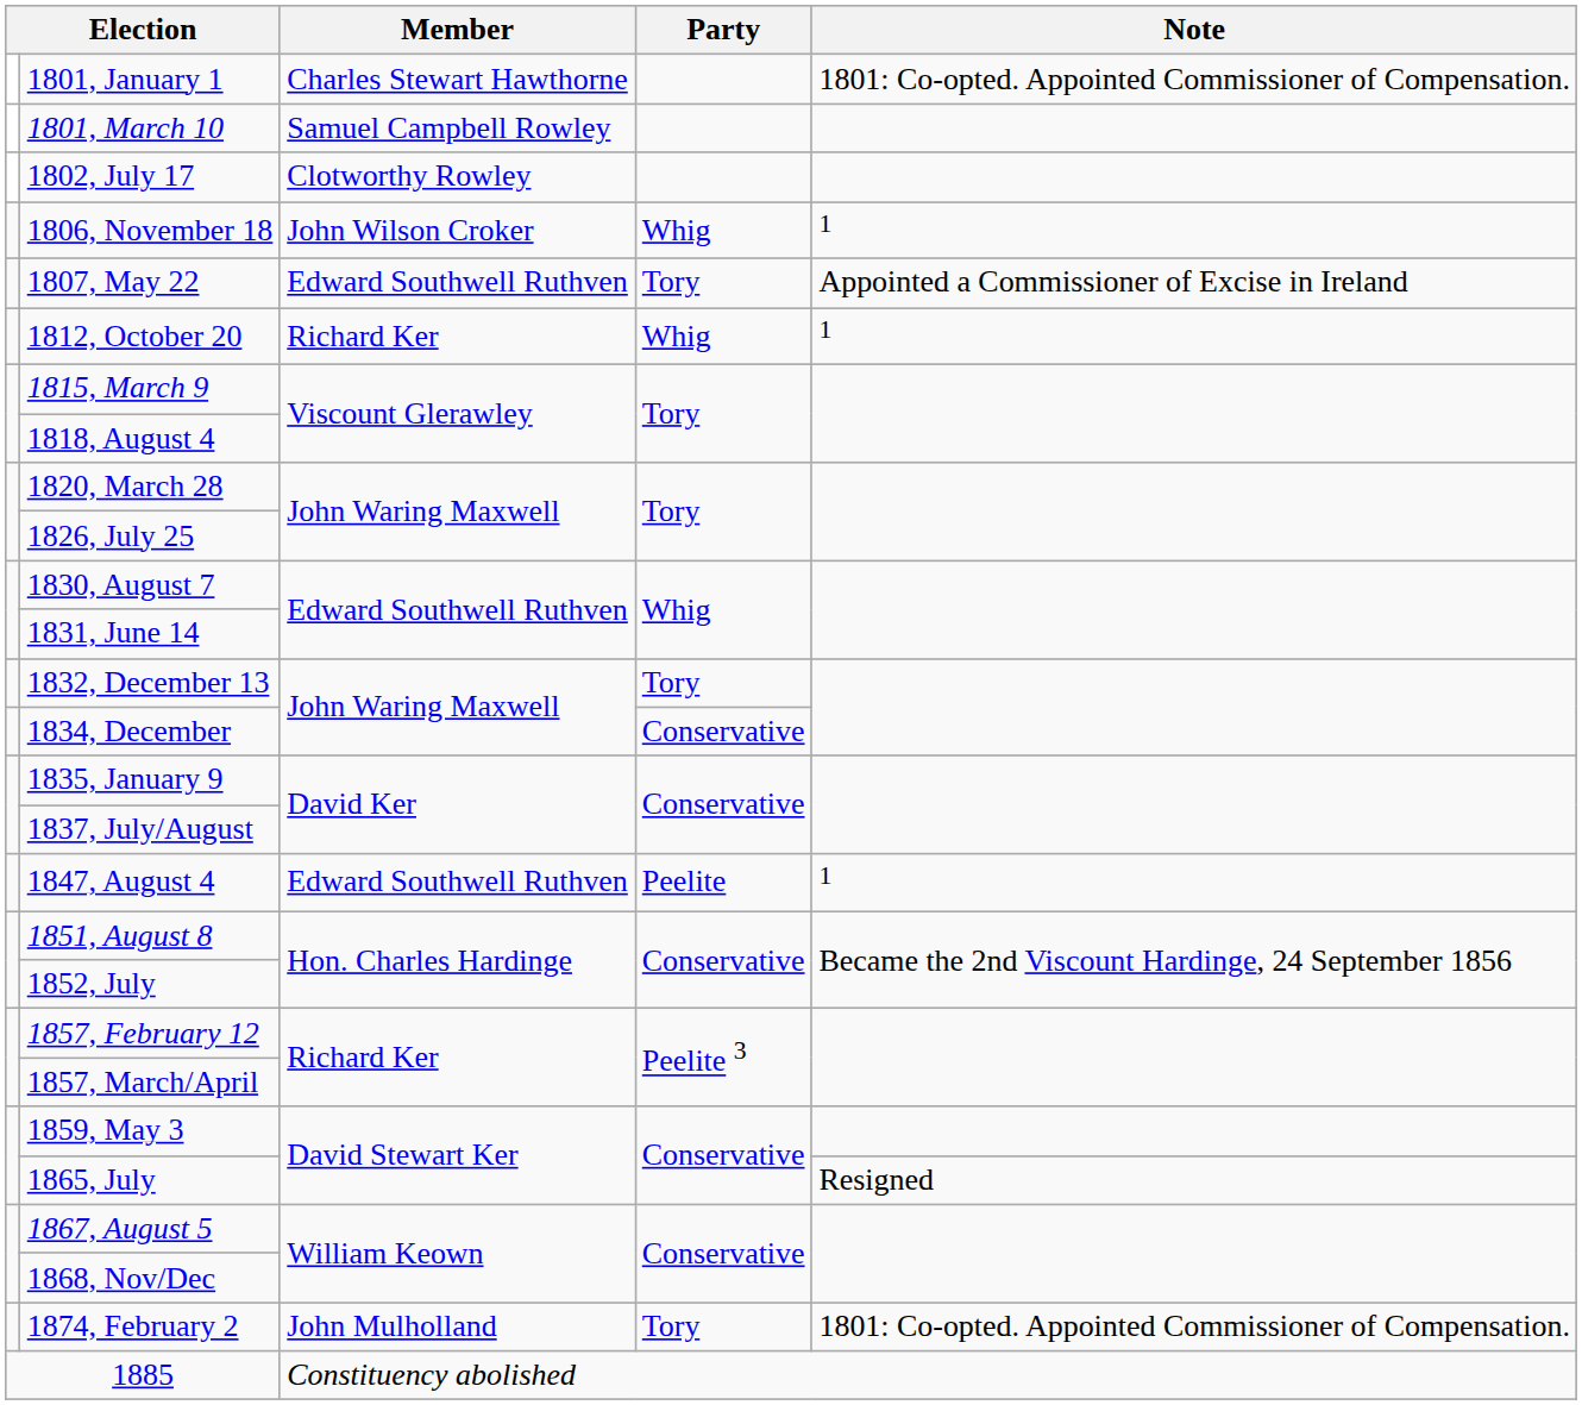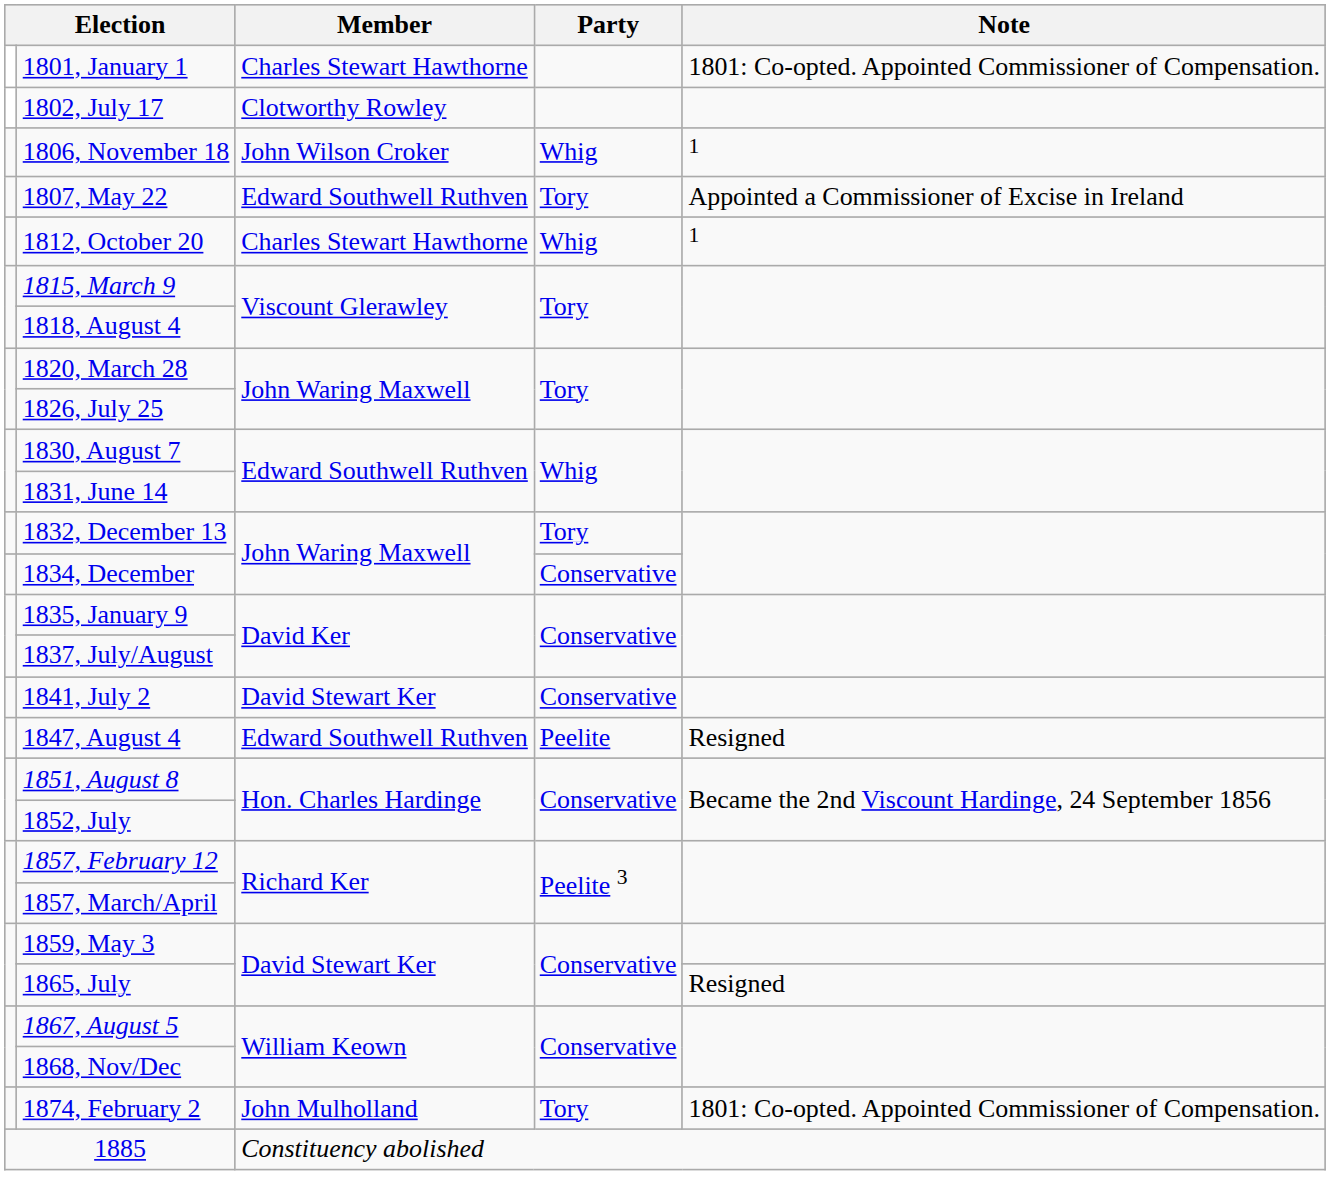 <table class="wikitable">
 <tr>
 <th colspan="2">Election</th>
 <th>Member</th>
 <th>Party</th>
 <th>Note</th>
 </tr>
 <tr>
 <td style="color:inherit;background-color: white"></td>
 <td><a href='#'>1801, January 1</a></td>
 <td><a href='#'>Charles Stewart Hawthorne</a></td>
 <td></td>
 <td>1801: Co-opted. Appointed Commissioner of Compensation.</td>
-</tr>
-<tr>
-<td style="color:inherit;background-color: white"></td>
-<td><em><a href='#'>1801, March 10</a></em></td>
-<td><a href='#'>Samuel Campbell Rowley</a></td>
-<td></td>
-<td></td>
 </tr>
 <tr>
 <td style="color:inherit;background-color: white"></td>
 <td><a href='#'>1802, July 17</a></td>
 <td><a href='#'>Clotworthy Rowley</a></td>
 <td></td>
 <td></td>
 </tr>
 <tr>
 <td style="color:inherit;background-color: "></td>
 <td><a href='#'>1806, November 18</a></td>
 <td><a href='#'>John Wilson Croker</a></td>
 <td><a href='#'>Whig</a></td>
 <td><sup>1</sup></td>
 </tr>
 <tr>
 <td style="color:inherit;background-color: "></td>
 <td><a href='#'>1807, May 22</a></td>
 <td><a href='#'>Edward Southwell Ruthven</a></td>
 <td><a href='#'>Tory</a></td>
 <td>Appointed a Commissioner of Excise in Ireland</td>
 </tr>
 <tr>
 <td style="color:inherit;background-color: "></td>
 <td><a href='#'>1812, October 20</a></td>
-<td><a href='#'>Richard Ker</a></td>
+<td><a href='#'>Charles Stewart Hawthorne</a></td>
 <td><a href='#'>Whig</a></td>
 <td><sup>1</sup></td>
 </tr>
 <tr>
 <td rowspan="2" style="color:inherit;background-color: "></td>
 <td><em><a href='#'>1815, March 9</a></em></td>
 <td rowspan="2"><a href='#'>Viscount Glerawley</a></td>
 <td rowspan="2"><a href='#'>Tory</a></td>
 <td rowspan="2"></td>
 </tr>
 <tr>
 <td><a href='#'>1818, August 4</a></td>
 </tr>
 <tr>
 <td rowspan="2" style="color:inherit;background-color: "></td>
 <td><a href='#'>1820, March 28</a></td>
 <td rowspan="2"><a href='#'>John Waring Maxwell</a></td>
 <td rowspan="2"><a href='#'>Tory</a></td>
 <td rowspan="2"></td>
 </tr>
 <tr>
 <td><a href='#'>1826, July 25</a></td>
 </tr>
 <tr>
 <td rowspan="2" style="color:inherit;background-color: "></td>
 <td><a href='#'>1830, August 7</a></td>
 <td rowspan="2"><a href='#'>Edward Southwell Ruthven</a></td>
 <td rowspan="2"><a href='#'>Whig</a></td>
 <td rowspan="2"></td>
 </tr>
 <tr>
 <td><a href='#'>1831, June 14</a></td>
 </tr>
 <tr>
 <td style="color:inherit;background-color: "></td>
 <td><a href='#'>1832, December 13</a></td>
 <td rowspan="2"><a href='#'>John Waring Maxwell</a></td>
 <td><a href='#'>Tory</a></td>
 <td rowspan="2"></td>
 </tr>
 <tr>
 <td style="color:inherit;background-color: "></td>
 <td><a href='#'>1834, December</a></td>
 <td><a href='#'>Conservative</a></td>
 </tr>
 <tr>
 <td rowspan="2" style="color:inherit;background-color: "></td>
 <td><a href='#'>1835, January 9</a></td>
 <td rowspan="2"><a href='#'>David Ker</a></td>
 <td rowspan="2"><a href='#'>Conservative</a></td>
 <td rowspan="2"></td>
 </tr>
 <tr>
 <td><a href='#'>1837, July/August</a></td>
 </tr>
 <tr>
 <td style="color:inherit;background-color: "></td>
+<td><a href='#'>1841, July 2</a></td>
+<td><a href='#'>David Stewart Ker</a></td>
+<td><a href='#'>Conservative</a></td>
+<td></td>
+</tr>
+<tr>
+<td style="color:inherit;background-color: "></td>
 <td><a href='#'>1847, August 4</a></td>
 <td><a href='#'>Edward Southwell Ruthven</a></td>
 <td><a href='#'>Peelite</a></td>
-<td><sup>1</sup></td>
+<td>Resigned</td>
 </tr>
 <tr>
 <td rowspan="2" style="color:inherit;background-color: "></td>
 <td><em><a href='#'>1851, August 8</a></em></td>
 <td rowspan="2"><a href='#'>Hon. Charles Hardinge</a></td>
 <td rowspan="2"><a href='#'>Conservative</a></td>
 <td rowspan="2">Became the 2nd <a href='#'>Viscount Hardinge</a>, 24 September 1856</td>
 </tr>
 <tr>
 <td><a href='#'>1852, July</a></td>
 </tr>
 <tr>
 <td rowspan="2" style="color:inherit;background-color: "></td>
 <td><em><a href='#'>1857, February 12</a></em></td>
 <td rowspan="2"><a href='#'>Richard Ker</a></td>
 <td rowspan="2"><a href='#'>Peelite</a> <sup>3</sup></td>
 <td rowspan="2"></td>
 </tr>
 <tr>
 <td><a href='#'>1857, March/April</a></td>
 </tr>
 <tr>
 <td rowspan="2" style="color:inherit;background-color: "></td>
 <td><a href='#'>1859, May 3</a></td>
 <td rowspan="2"><a href='#'>David Stewart Ker</a></td>
 <td rowspan="2"><a href='#'>Conservative</a></td>
 <td></td>
 </tr>
 <tr>
 <td><a href='#'>1865, July</a></td>
 <td>Resigned</td>
 </tr>
 <tr>
 <td rowspan="2" style="color:inherit;background-color: "></td>
 <td><em><a href='#'>1867, August 5</a></em></td>
 <td rowspan="2"><a href='#'>William Keown</a></td>
 <td rowspan="2"><a href='#'>Conservative</a></td>
 <td rowspan="2"></td>
 </tr>
 <tr>
 <td><a href='#'>1868, Nov/Dec</a></td>
 </tr>
 <tr>
 <td style="color:inherit;background-color: "></td>
 <td><a href='#'>1874, February 2</a></td>
 <td><a href='#'>John Mulholland</a></td>
 <td><a href='#'>Tory</a></td>
 <td>1801: Co-opted. Appointed Commissioner of Compensation.</td>
 </tr>
 <tr>
 <td colspan="2" align="center"><a href='#'>1885</a></td>
 <td colspan="3"><em>Constituency abolished</em></td>
 </tr>
 </table>
